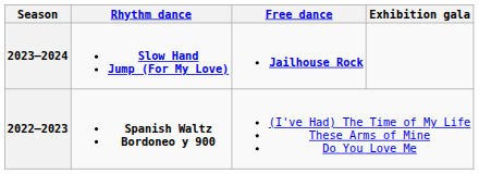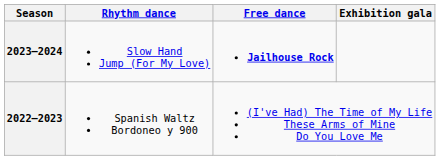 <table class=wikitable style=text-align:center>
 <tr>
 <th>Season</th>
 <th><a href='#'>Rhythm dance</a></th>
 <th><a href='#'>Free dance</a></th>
 <th>Exhibition gala</th>
 </tr>
 <tr>
 <th>2023–2024 <br> </th>
-<td><strong><br><ul><li><a href='#'>Slow Hand</a></li><li><a href='#'>Jump (For My Love)</a> <br> </li></ul></strong></td>
+<td><br><ul><li><a href='#'>Slow Hand</a></li><li><a href='#'>Jump (For My Love)</a> <br> </li></ul></td>
 <td><strong><br><ul><li><a href='#'>Jailhouse Rock</a> <br> </li></ul></strong></td>
 </tr>
 <tr>
 <th>2022–2023 <br> </th>
-<td><strong><br><ul><li>Spanish Waltz <br> </li><li> Bordoneo y 900 <br> </li></ul></strong></td>
+<td><br><ul><li>Spanish Waltz <br> </li><li> Bordoneo y 900 <br> </li></ul></td>
 <td colspan=2><br><ul><li><a href='#'>(I've Had) The Time of My Life</a> <br> </li><li><a href='#'>These Arms of Mine</a> <br> </li><li><a href='#'>Do You Love Me</a> <br> </li></ul></td>
 </tr>
 </table>
